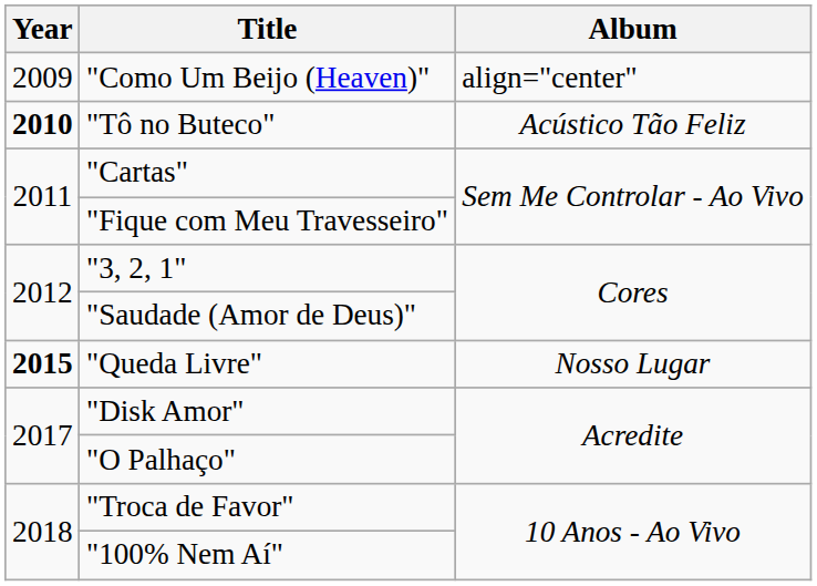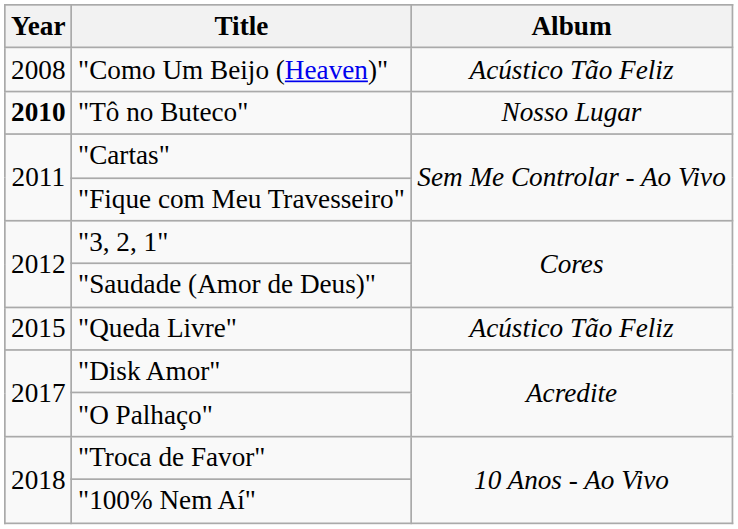 <table class="wikitable">
 <tr>
 <th align="center" rowspan="1">Year</th>
 <th align="center" rowspan="1">Title</th>
 <th align="center" rowspan="1">Album</th>
 </tr>
 <tr>
-<td align="center">2009</td>
+<td align="center">2008</td>
 <td align="left">"Como Um Beijo (<a href='#'>Heaven</a>)"</td>
-<td>align="center" </td>
+<td align="center"><em>Acústico Tão Feliz</em></td>
 </tr>
 <tr>
 <td align="center"><strong>2010</strong></td>
 <td align="left">"Tô no Buteco"</td>
-<td align="center"><em>Acústico Tão Feliz</em></td>
+<td align="center"><em>Nosso Lugar</em></td>
 </tr>
 <tr>
 <td align="center" rowspan="2">2011</td>
 <td align="left">"Cartas"</td>
 <td align="center" rowspan="2"><em>Sem Me Controlar - Ao Vivo</em></td>
 </tr>
 <tr>
 <td align="left">"Fique com Meu Travesseiro"</td>
 </tr>
 <tr>
 <td align="center" rowspan="2">2012</td>
 <td align="left">"3, 2, 1"</td>
 <td align="center" rowspan="2"><em>Cores</em></td>
 </tr>
 <tr>
 <td align="left">"Saudade (Amor de Deus)"</td>
 </tr>
 <tr>
-<td align="center"><strong>2015</strong></td>
+<td align="center">2015</td>
 <td align="left">"Queda Livre"</td>
-<td align="center"><em>Nosso Lugar</em></td>
+<td align="center"><em>Acústico Tão Feliz</em></td>
 </tr>
 <tr>
 <td align="center" rowspan="2">2017</td>
 <td align="left">"Disk Amor"</td>
 <td align="center" rowspan="2"><em>Acredite</em></td>
 </tr>
 <tr>
 <td align="left">"O Palhaço"</td>
 </tr>
 <tr>
 <td align="center" rowspan="2">2018</td>
 <td align="left">"Troca de Favor"</td>
 <td align="center" rowspan="2"><em>10 Anos - Ao Vivo</em></td>
 </tr>
 <tr>
 <td align="left">"100% Nem Aí"</td>
 </tr>
 </table>
